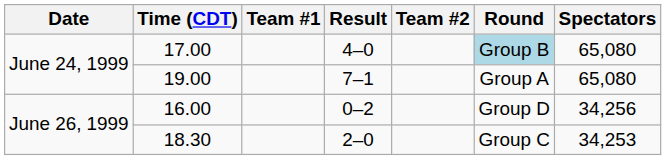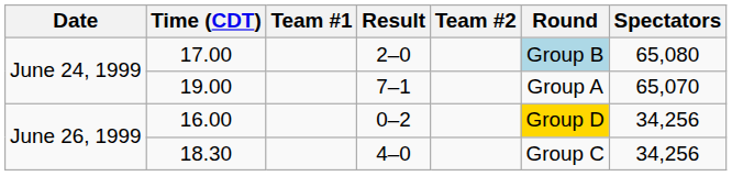 <table class="wikitable" style="text-align:center">
 <tr>
 <th style="text-align:center;">Date</th>
 <th style="text-align:center;">Time (<a href='#'>CDT</a>)</th>
 <th style="text-align:center;">Team #1</th>
 <th style="text-align:center;">Result</th>
 <th style="text-align:center;">Team #2</th>
 <th style="text-align:center;">Round</th>
 <th style="text-align:center;">Spectators</th>
 </tr>
 <tr>
 <td rowspan=2>June 24, 1999</td>
 <td>17.00</td>
 <td><strong></strong></td>
-<td style="text-align:center;">4–0</td>
+<td style="text-align:center;">2–0</td>
 <td></td>
 <td style="background: lightblue;">Group B</td>
 <td style="text-align:center;">65,080</td>
 </tr>
 <tr>
 <td>19.00</td>
 <td><strong></strong></td>
 <td style="text-align:center;">7–1</td>
 <td></td>
 <td>Group A</td>
-<td style="text-align:center;">65,080</td>
+<td style="text-align:center;">65,070</td>
 </tr>
 <tr>
 <td rowspan=2>June 26, 1999</td>
 <td>16.00</td>
 <td></td>
 <td style="text-align:center;">0–2</td>
 <td><strong></strong></td>
-<td>Group D</td>
+<td style="background: gold;">Group D</td>
 <td style="text-align:center;">34,256</td>
 </tr>
 <tr>
 <td>18.30</td>
 <td><strong></strong></td>
-<td style="text-align:center;">2–0</td>
+<td style="text-align:center;">4–0</td>
 <td></td>
 <td>Group C</td>
-<td style="text-align:center;">34,253</td>
+<td style="text-align:center;">34,256</td>
 </tr>
 </table>
